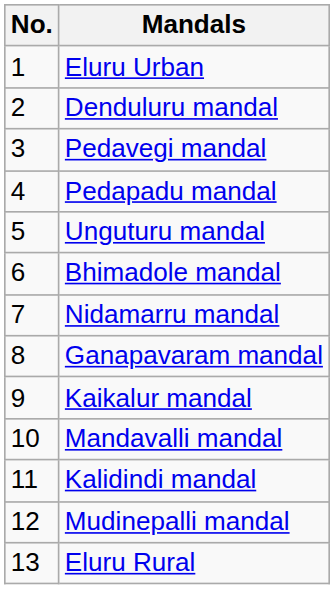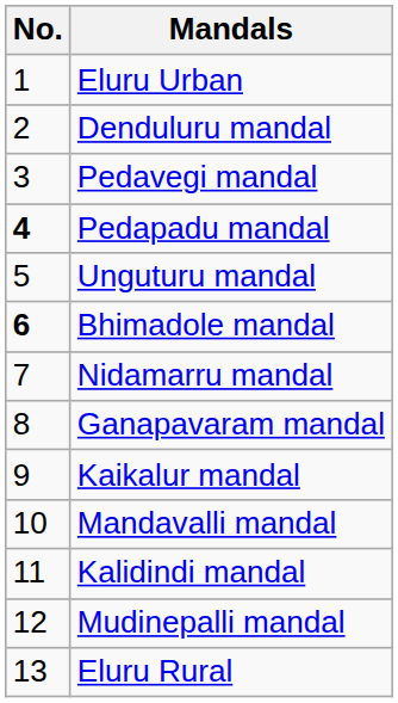 <table class="wikitable">
 <tr>
 <th>No.</th>
 <th>Mandals</th>
 </tr>
 <tr>
 <td>1</td>
 <td><a href='#'>Eluru Urban</a></td>
 </tr>
 <tr>
 <td>2</td>
 <td><a href='#'>Denduluru mandal</a></td>
 </tr>
 <tr>
 <td>3</td>
 <td><a href='#'>Pedavegi mandal</a></td>
 </tr>
 <tr>
-<td>4</td>
+<td><strong>4</strong></td>
 <td><a href='#'>Pedapadu mandal</a></td>
 </tr>
 <tr>
 <td>5</td>
 <td><a href='#'>Unguturu mandal</a></td>
 </tr>
 <tr>
-<td>6</td>
+<td><strong>6</strong></td>
 <td><a href='#'>Bhimadole mandal</a></td>
 </tr>
 <tr>
 <td>7</td>
 <td><a href='#'>Nidamarru mandal</a></td>
 </tr>
 <tr>
 <td>8</td>
 <td><a href='#'>Ganapavaram mandal</a></td>
 </tr>
 <tr>
 <td>9</td>
 <td><a href='#'>Kaikalur mandal</a></td>
 </tr>
 <tr>
 <td>10</td>
 <td><a href='#'>Mandavalli mandal</a></td>
 </tr>
 <tr>
 <td>11</td>
 <td><a href='#'>Kalidindi mandal</a></td>
 </tr>
 <tr>
 <td>12</td>
 <td><a href='#'>Mudinepalli mandal</a></td>
 </tr>
 <tr>
 <td>13</td>
 <td><a href='#'>Eluru Rural</a></td>
 </tr>
 </table>
